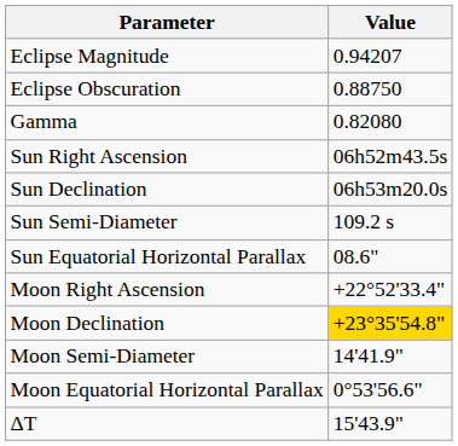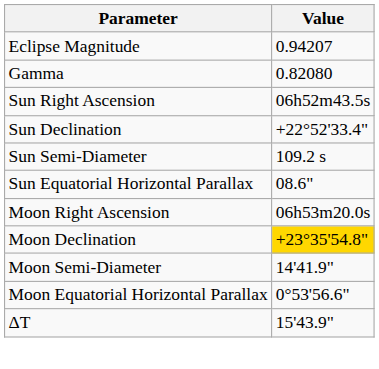 <table class="wikitable">
 <tr>
 <th>Parameter</th>
 <th>Value</th>
 </tr>
 <tr>
 <td>Eclipse Magnitude</td>
 <td>0.94207</td>
-</tr>
-<tr>
-<td>Eclipse Obscuration</td>
-<td>0.88750</td>
 </tr>
 <tr>
 <td>Gamma</td>
 <td>0.82080</td>
 </tr>
 <tr>
 <td>Sun Right Ascension</td>
 <td>06h52m43.5s</td>
 </tr>
 <tr>
 <td>Sun Declination</td>
-<td>06h53m20.0s</td>
+<td>+22°52'33.4"</td>
 </tr>
 <tr>
 <td>Sun Semi-Diameter</td>
 <td>109.2 s</td>
 </tr>
 <tr>
 <td>Sun Equatorial Horizontal Parallax</td>
 <td>08.6"</td>
 </tr>
 <tr>
 <td>Moon Right Ascension</td>
-<td>+22°52'33.4"</td>
+<td>06h53m20.0s</td>
 </tr>
 <tr>
 <td>Moon Declination</td>
 <td style="background: gold;">+23°35'54.8"</td>
 </tr>
 <tr>
 <td>Moon Semi-Diameter</td>
 <td>14'41.9"</td>
 </tr>
 <tr>
 <td>Moon Equatorial Horizontal Parallax</td>
 <td>0°53'56.6"</td>
 </tr>
 <tr>
 <td>ΔT</td>
 <td>15'43.9"</td>
 </tr>
 </table>
